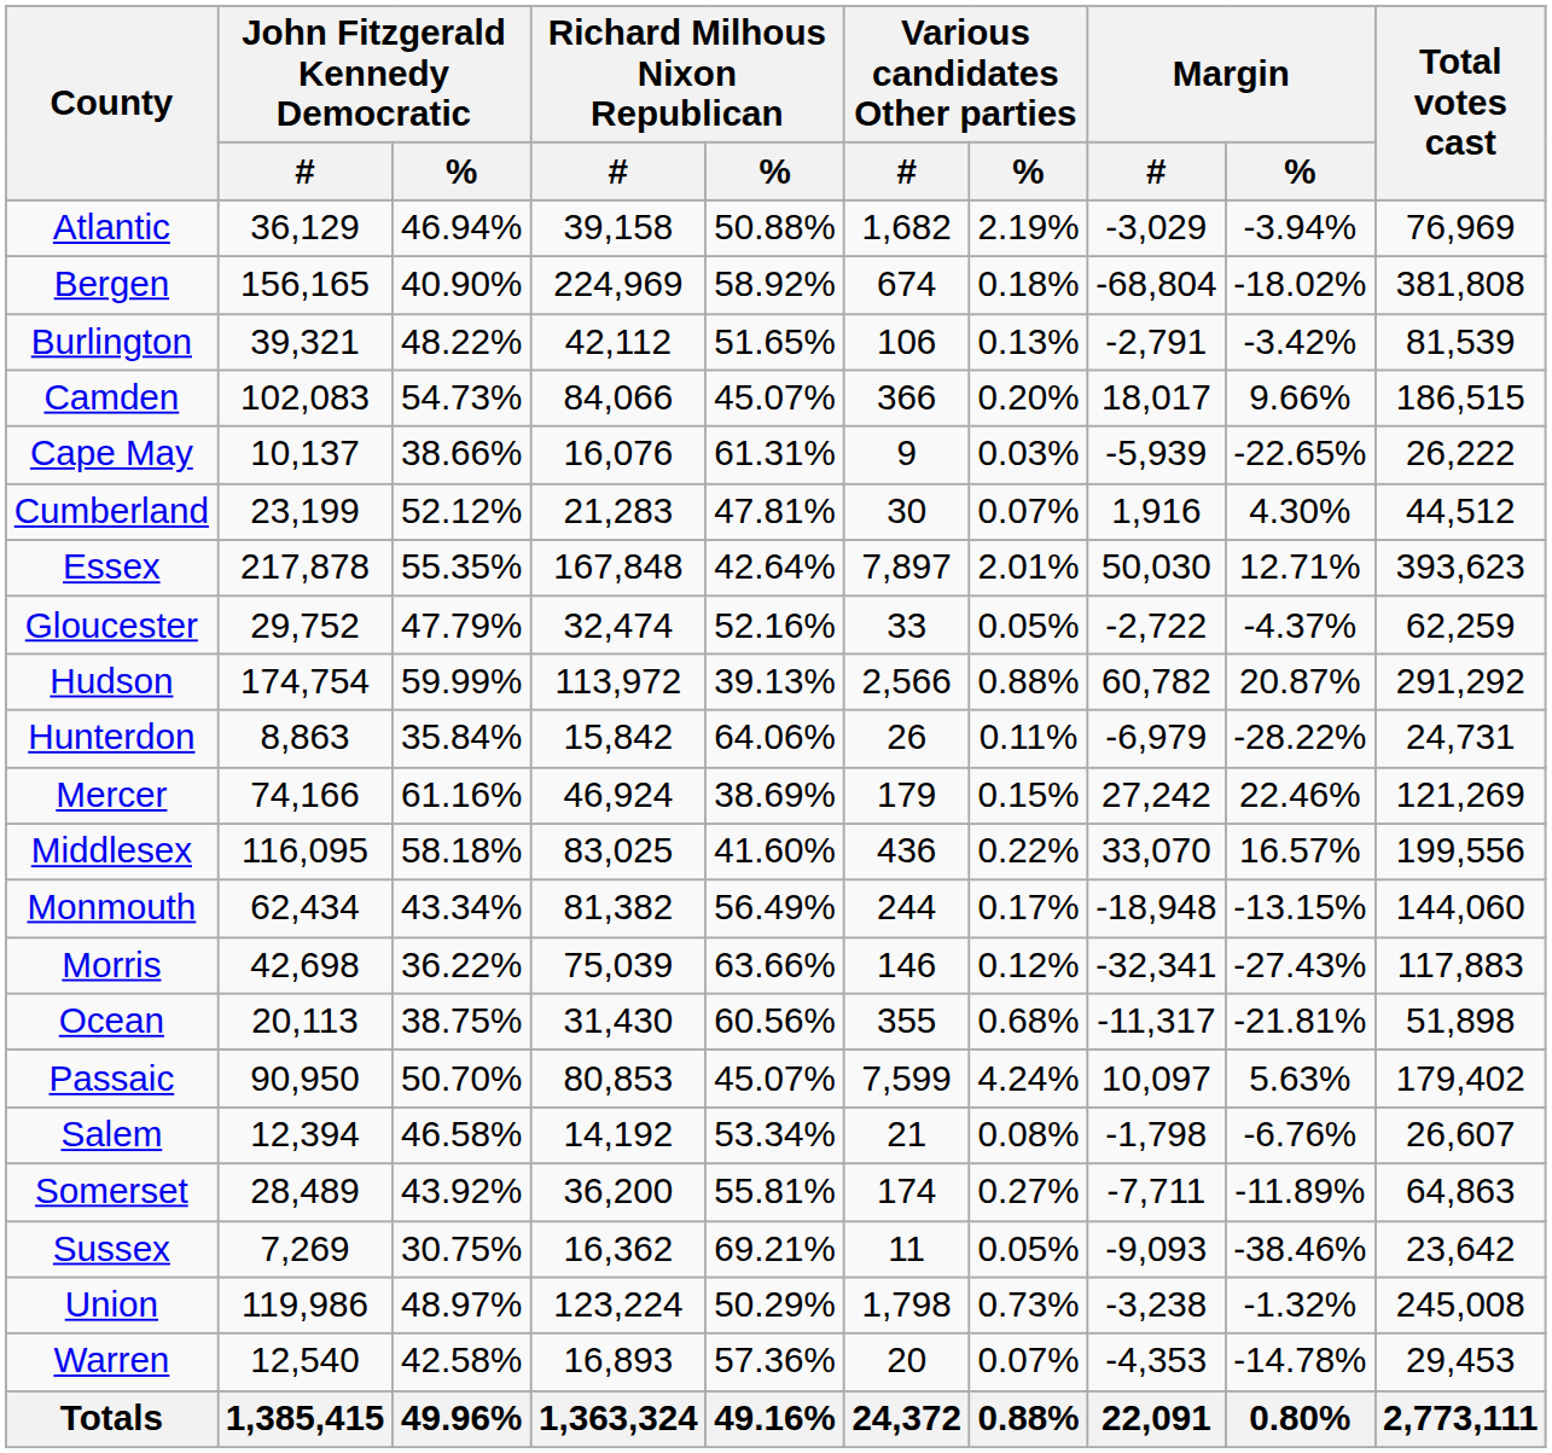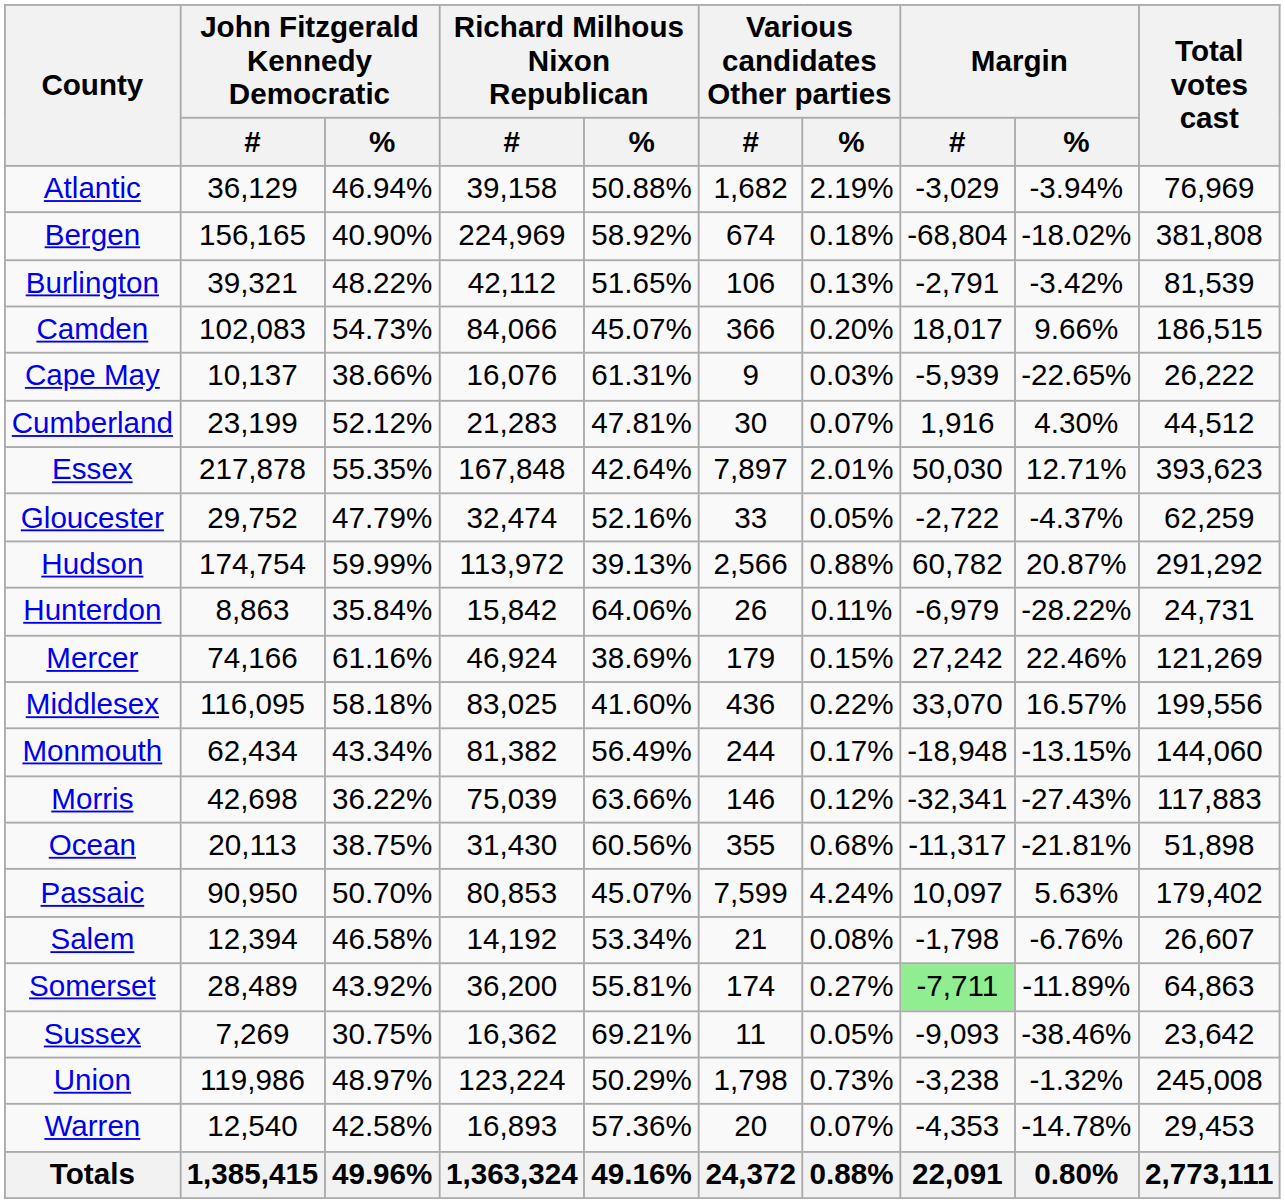 <table width="60%"  class="wikitable sortable" style="text-align:center">
 <tr>
 <th style="text-align:center;" rowspan="2">County</th>
 <th style="text-align:center;" colspan="2">John Fitzgerald Kennedy<br>Democratic</th>
 <th style="text-align:center;" colspan="2">Richard Milhous Nixon<br>Republican</th>
 <th style="text-align:center;" colspan="2">Various candidates<br>Other parties</th>
 <th style="text-align:center;" colspan="2">Margin</th>
 <th style="text-align:center;" rowspan="2">Total votes cast</th>
 </tr>
 <tr>
 <th data-sort-type="number">#</th>
 <th data-sort-type="number">%</th>
 <th data-sort-type="number">#</th>
 <th data-sort-type="number">%</th>
 <th data-sort-type="number">#</th>
 <th data-sort-type="number">%</th>
 <th data-sort-type="number">#</th>
 <th data-sort-type="number">%</th>
 </tr>
 <tr style="text-align:center;">
 <td><a href='#'>Atlantic</a></td>
 <td>36,129</td>
 <td>46.94%</td>
 <td>39,158</td>
 <td>50.88%</td>
 <td>1,682</td>
 <td>2.19%</td>
 <td>-3,029</td>
 <td>-3.94%</td>
 <td>76,969</td>
 </tr>
 <tr style="text-align:center;">
 <td><a href='#'>Bergen</a></td>
 <td>156,165</td>
 <td>40.90%</td>
 <td>224,969</td>
 <td>58.92%</td>
 <td>674</td>
 <td>0.18%</td>
 <td>-68,804</td>
 <td>-18.02%</td>
 <td>381,808</td>
 </tr>
 <tr style="text-align:center;">
 <td><a href='#'>Burlington</a></td>
 <td>39,321</td>
 <td>48.22%</td>
 <td>42,112</td>
 <td>51.65%</td>
 <td>106</td>
 <td>0.13%</td>
 <td>-2,791</td>
 <td>-3.42%</td>
 <td>81,539</td>
 </tr>
 <tr style="text-align:center;">
 <td><a href='#'>Camden</a></td>
 <td>102,083</td>
 <td>54.73%</td>
 <td>84,066</td>
 <td>45.07%</td>
 <td>366</td>
 <td>0.20%</td>
 <td>18,017</td>
 <td>9.66%</td>
 <td>186,515</td>
 </tr>
 <tr style="text-align:center;">
 <td><a href='#'>Cape May</a></td>
 <td>10,137</td>
 <td>38.66%</td>
 <td>16,076</td>
 <td>61.31%</td>
 <td>9</td>
 <td>0.03%</td>
 <td>-5,939</td>
 <td>-22.65%</td>
 <td>26,222</td>
 </tr>
 <tr style="text-align:center;">
 <td><a href='#'>Cumberland</a></td>
 <td>23,199</td>
 <td>52.12%</td>
 <td>21,283</td>
 <td>47.81%</td>
 <td>30</td>
 <td>0.07%</td>
 <td>1,916</td>
 <td>4.30%</td>
 <td>44,512</td>
 </tr>
 <tr style="text-align:center;">
 <td><a href='#'>Essex</a></td>
 <td>217,878</td>
 <td>55.35%</td>
 <td>167,848</td>
 <td>42.64%</td>
 <td>7,897</td>
 <td>2.01%</td>
 <td>50,030</td>
 <td>12.71%</td>
 <td>393,623</td>
 </tr>
 <tr style="text-align:center;">
 <td><a href='#'>Gloucester</a></td>
 <td>29,752</td>
 <td>47.79%</td>
 <td>32,474</td>
 <td>52.16%</td>
 <td>33</td>
 <td>0.05%</td>
 <td>-2,722</td>
 <td>-4.37%</td>
 <td>62,259</td>
 </tr>
 <tr style="text-align:center;">
 <td><a href='#'>Hudson</a></td>
 <td>174,754</td>
 <td>59.99%</td>
 <td>113,972</td>
 <td>39.13%</td>
 <td>2,566</td>
 <td>0.88%</td>
 <td>60,782</td>
 <td>20.87%</td>
 <td>291,292</td>
 </tr>
 <tr style="text-align:center;">
 <td><a href='#'>Hunterdon</a></td>
 <td>8,863</td>
 <td>35.84%</td>
 <td>15,842</td>
 <td>64.06%</td>
 <td>26</td>
 <td>0.11%</td>
 <td>-6,979</td>
 <td>-28.22%</td>
 <td>24,731</td>
 </tr>
 <tr style="text-align:center;">
 <td><a href='#'>Mercer</a></td>
 <td>74,166</td>
 <td>61.16%</td>
 <td>46,924</td>
 <td>38.69%</td>
 <td>179</td>
 <td>0.15%</td>
 <td>27,242</td>
 <td>22.46%</td>
 <td>121,269</td>
 </tr>
 <tr style="text-align:center;">
 <td><a href='#'>Middlesex</a></td>
 <td>116,095</td>
 <td>58.18%</td>
 <td>83,025</td>
 <td>41.60%</td>
 <td>436</td>
 <td>0.22%</td>
 <td>33,070</td>
 <td>16.57%</td>
 <td>199,556</td>
 </tr>
 <tr style="text-align:center;">
 <td><a href='#'>Monmouth</a></td>
 <td>62,434</td>
 <td>43.34%</td>
 <td>81,382</td>
 <td>56.49%</td>
 <td>244</td>
 <td>0.17%</td>
 <td>-18,948</td>
 <td>-13.15%</td>
 <td>144,060</td>
 </tr>
 <tr style="text-align:center;">
 <td><a href='#'>Morris</a></td>
 <td>42,698</td>
 <td>36.22%</td>
 <td>75,039</td>
 <td>63.66%</td>
 <td>146</td>
 <td>0.12%</td>
 <td>-32,341</td>
 <td>-27.43%</td>
 <td>117,883</td>
 </tr>
 <tr style="text-align:center;">
 <td><a href='#'>Ocean</a></td>
 <td>20,113</td>
 <td>38.75%</td>
 <td>31,430</td>
 <td>60.56%</td>
 <td>355</td>
 <td>0.68%</td>
 <td>-11,317</td>
 <td>-21.81%</td>
 <td>51,898</td>
 </tr>
 <tr style="text-align:center;">
 <td><a href='#'>Passaic</a></td>
 <td>90,950</td>
 <td>50.70%</td>
 <td>80,853</td>
 <td>45.07%</td>
 <td>7,599</td>
 <td>4.24%</td>
 <td>10,097</td>
 <td>5.63%</td>
 <td>179,402</td>
 </tr>
 <tr style="text-align:center;">
 <td><a href='#'>Salem</a></td>
 <td>12,394</td>
 <td>46.58%</td>
 <td>14,192</td>
 <td>53.34%</td>
 <td>21</td>
 <td>0.08%</td>
 <td>-1,798</td>
 <td>-6.76%</td>
 <td>26,607</td>
 </tr>
 <tr style="text-align:center;">
 <td><a href='#'>Somerset</a></td>
 <td>28,489</td>
 <td>43.92%</td>
 <td>36,200</td>
 <td>55.81%</td>
 <td>174</td>
 <td>0.27%</td>
-<td>-7,711</td>
+<td style="background: lightgreen;">-7,711</td>
 <td>-11.89%</td>
 <td>64,863</td>
 </tr>
 <tr style="text-align:center;">
 <td><a href='#'>Sussex</a></td>
 <td>7,269</td>
 <td>30.75%</td>
 <td>16,362</td>
 <td>69.21%</td>
 <td>11</td>
 <td>0.05%</td>
 <td>-9,093</td>
 <td>-38.46%</td>
 <td>23,642</td>
 </tr>
 <tr style="text-align:center;">
 <td><a href='#'>Union</a></td>
 <td>119,986</td>
 <td>48.97%</td>
 <td>123,224</td>
 <td>50.29%</td>
 <td>1,798</td>
 <td>0.73%</td>
 <td>-3,238</td>
 <td>-1.32%</td>
 <td>245,008</td>
 </tr>
 <tr style="text-align:center;">
 <td><a href='#'>Warren</a></td>
 <td>12,540</td>
 <td>42.58%</td>
 <td>16,893</td>
 <td>57.36%</td>
 <td>20</td>
 <td>0.07%</td>
 <td>-4,353</td>
 <td>-14.78%</td>
 <td>29,453</td>
 </tr>
 <tr style="text-align:center;">
 <th>Totals</th>
 <th>1,385,415</th>
 <th>49.96%</th>
 <th>1,363,324</th>
 <th>49.16%</th>
 <th>24,372</th>
 <th>0.88%</th>
 <th>22,091</th>
 <th>0.80%</th>
 <th>2,773,111</th>
 </tr>
 </table>
